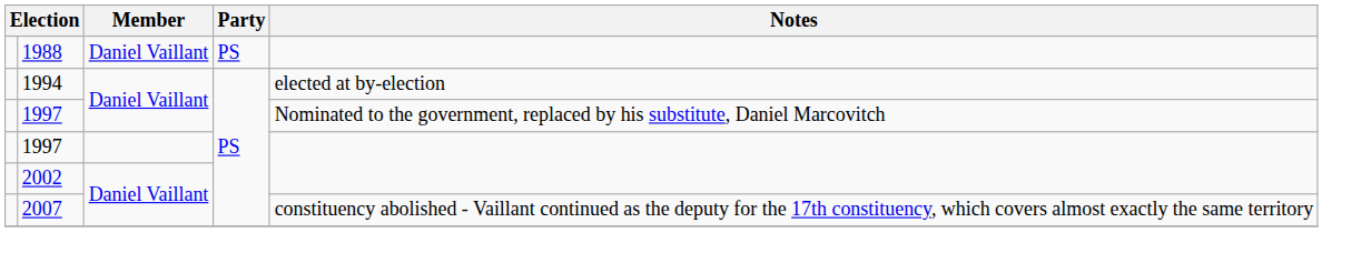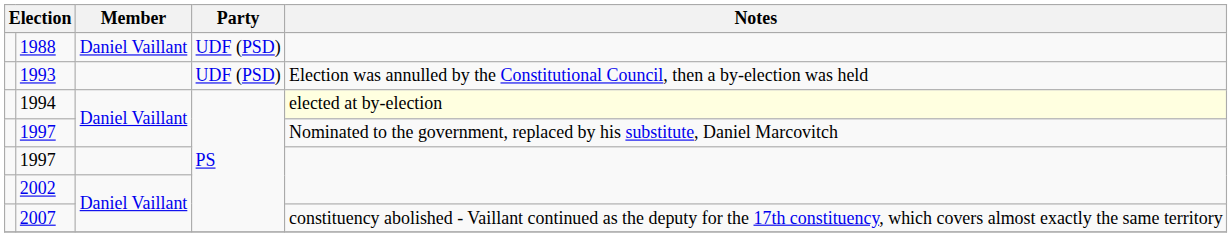 <table class="wikitable">
 <tr>
 <th colspan="2">Election</th>
 <th>Member</th>
 <th>Party</th>
 <th>Notes</th>
 </tr>
 <tr>
 <td style="background-color: "></td>
 <td><a href='#'>1988</a></td>
 <td><a href='#'>Daniel Vaillant</a></td>
-<td><a href='#'>PS</a></td>
+<td><a href='#'>UDF</a> (<a href='#'>PSD</a>)</td>
+</tr>
+<tr>
+<td style="background-color: "></td>
+<td><a href='#'>1993</a></td>
+<td></td>
+<td><a href='#'>UDF</a> (<a href='#'>PSD</a>)</td>
+<td>Election was annulled by the <a href='#'>Constitutional Council</a>, then a by-election was held</td>
 </tr>
 <tr>
 <td style="background-color: "></td>
 <td>1994</td>
 <td rowspan=2><a href='#'>Daniel Vaillant</a></td>
 <td rowspan=5><a href='#'>PS</a></td>
-<td>elected at by-election</td>
+<td style="background: lightyellow;">elected at by-election</td>
 </tr>
 <tr>
 <td style="background-color: "></td>
 <td><a href='#'>1997</a></td>
 <td>Nominated to the government, replaced by his <a href='#'>substitute</a>, Daniel Marcovitch</td>
 </tr>
 <tr>
 <td style="background-color: "></td>
 <td>1997</td>
 <td></td>
 </tr>
 <tr>
 <td style="background-color: "></td>
 <td><a href='#'>2002</a></td>
 <td rowspan=2><a href='#'>Daniel Vaillant</a></td>
 </tr>
 <tr>
 <td style="background-color: "></td>
 <td><a href='#'>2007</a></td>
 <td>constituency abolished - Vaillant continued as the deputy for the <a href='#'>17th constituency</a>, which covers almost exactly the same territory</td>
 </tr>
 <tr>
 </tr>
 </table>
